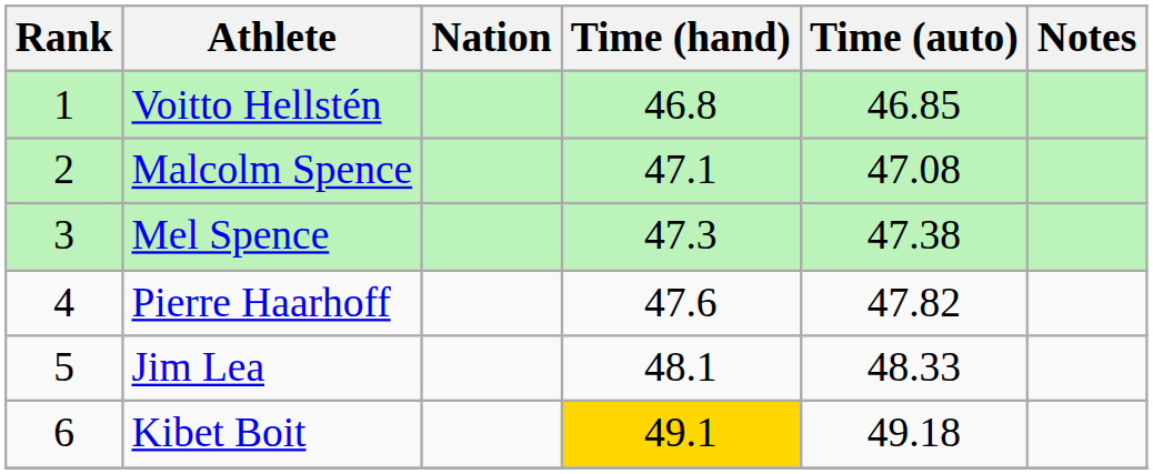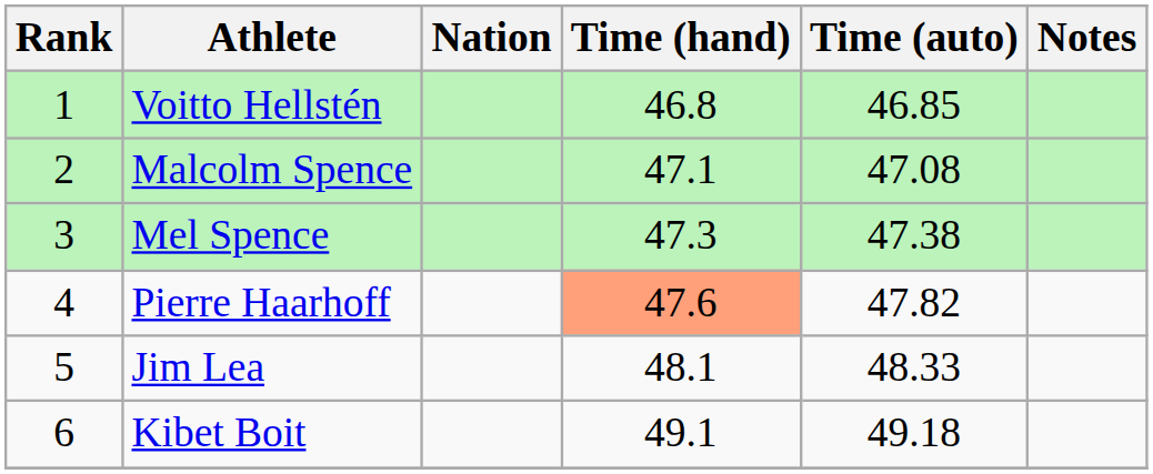 <table class="wikitable sortable" style="text-align:center">
 <tr>
 <th>Rank</th>
 <th>Athlete</th>
 <th>Nation</th>
 <th>Time (hand)</th>
 <th>Time (auto)</th>
 <th>Notes</th>
 </tr>
 <tr bgcolor=bbf3bb>
 <td>1</td>
 <td align=left><a href='#'>Voitto Hellstén</a></td>
 <td align=left></td>
 <td>46.8</td>
 <td>46.85</td>
 <td></td>
 </tr>
 <tr bgcolor=bbf3bb>
 <td>2</td>
 <td align=left><a href='#'>Malcolm Spence</a></td>
 <td align=left></td>
 <td>47.1</td>
 <td>47.08</td>
 <td></td>
 </tr>
 <tr bgcolor=bbf3bb>
 <td>3</td>
 <td align=left><a href='#'>Mel Spence</a></td>
 <td align=left></td>
 <td>47.3</td>
 <td>47.38</td>
 <td></td>
 </tr>
 <tr>
 <td>4</td>
 <td align=left><a href='#'>Pierre Haarhoff</a></td>
 <td align=left></td>
-<td>47.6</td>
+<td style="background: lightsalmon;">47.6</td>
 <td>47.82</td>
 <td></td>
 </tr>
 <tr>
 <td>5</td>
 <td align=left><a href='#'>Jim Lea</a></td>
 <td align=left></td>
 <td>48.1</td>
 <td>48.33</td>
 <td></td>
 </tr>
 <tr>
 <td>6</td>
 <td align=left><a href='#'>Kibet Boit</a></td>
 <td align=left></td>
-<td style="background: gold;">49.1</td>
+<td>49.1</td>
 <td>49.18</td>
 <td></td>
 </tr>
 <tr>
 </tr>
 </table>
